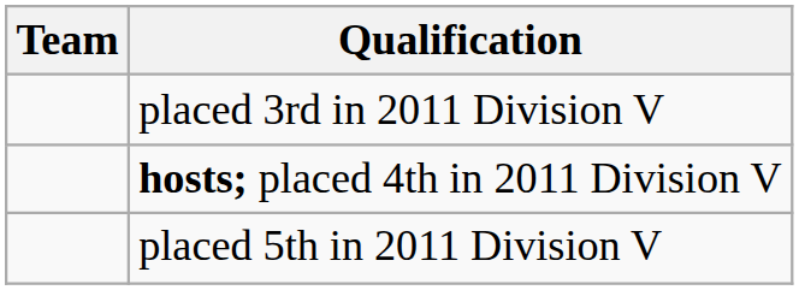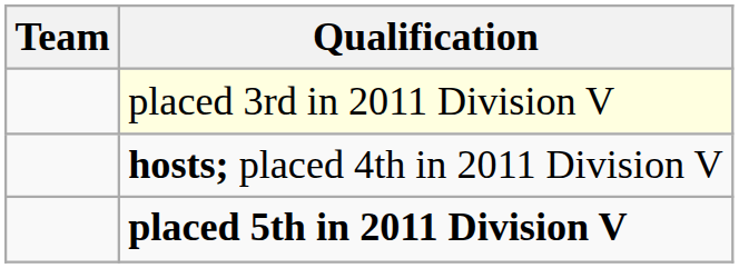 <table class="wikitable">
 <tr>
 <th>Team</th>
 <th>Qualification</th>
 </tr>
 <tr>
 <td></td>
-<td>placed 3rd in 2011 Division V</td>
+<td style="background: lightyellow;">placed 3rd in 2011 Division V</td>
 </tr>
 <tr>
 <td></td>
 <td><strong>hosts;</strong> placed 4th in 2011 Division V</td>
 </tr>
 <tr>
 <td></td>
-<td>placed 5th in 2011 Division V</td>
+<td><strong>placed 5th in 2011 Division V</strong></td>
 </tr>
 </table>
